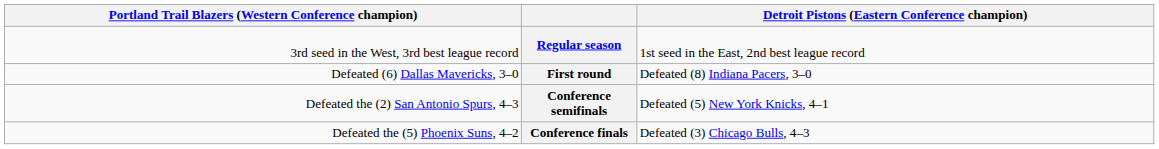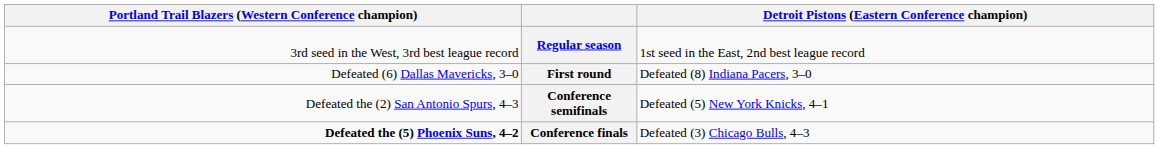 <table style="width:100%; font-size:90%" class="wikitable">
 <tr valign=top>
 <th colspan="2" style="width:45%;"><a href='#'>Portland Trail Blazers</a> (<a href='#'>Western Conference</a> champion)</th>
 <th></th>
 <th colspan="2" style="width:45%;"><a href='#'>Detroit Pistons</a> (<a href='#'>Eastern Conference</a> champion)</th>
 </tr>
 <tr>
 <td align=right><br> 3rd seed in the West, 3rd best league record</td>
 <th colspan=2><a href='#'>Regular season</a></th>
 <td><br> 1st seed in the East, 2nd best league record</td>
 </tr>
 <tr>
 <td align=right>Defeated (6) <a href='#'>Dallas Mavericks</a>, 3–0</td>
 <th colspan=2>First round</th>
 <td>Defeated (8) <a href='#'>Indiana Pacers</a>, 3–0</td>
 </tr>
 <tr>
 <td align=right>Defeated the (2) <a href='#'>San Antonio Spurs</a>, 4–3</td>
 <th colspan=2>Conference semifinals</th>
 <td>Defeated (5) <a href='#'>New York Knicks</a>, 4–1</td>
 </tr>
 <tr>
-<td align=right>Defeated the (5) <a href='#'>Phoenix Suns</a>, 4–2</td>
+<td align=right><strong>Defeated the (5) <a href='#'>Phoenix Suns</a>, 4–2</strong></td>
 <th colspan=2>Conference finals</th>
 <td>Defeated (3) <a href='#'>Chicago Bulls</a>, 4–3</td>
 </tr>
 </table>
